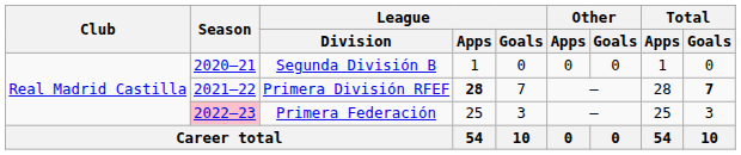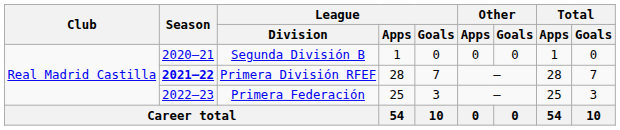 <table class="wikitable" style="text-align:center">
 <tr>
 <th rowspan="2">Club</th>
 <th rowspan="2">Season</th>
 <th colspan="3">League</th>
 <th colspan="2">Other</th>
 <th colspan="2">Total</th>
 </tr>
 <tr>
 <th>Division</th>
 <th>Apps</th>
 <th>Goals</th>
 <th>Apps</th>
 <th>Goals</th>
 <th>Apps</th>
 <th>Goals</th>
 </tr>
 <tr>
 <td rowspan="3"><a href='#'>Real Madrid Castilla</a></td>
 <td><a href='#'>2020–21</a></td>
 <td><a href='#'>Segunda División B</a></td>
 <td>1</td>
 <td>0</td>
 <td>0</td>
 <td>0</td>
 <td>1</td>
 <td>0</td>
 </tr>
 <tr>
-<td><a href='#'>2021–22</a></td>
+<td><strong><a href='#'>2021–22</a></strong></td>
 <td><a href='#'>Primera División RFEF</a></td>
-<td><strong>28</strong></td>
+<td>28</td>
 <td>7</td>
 <td colspan="2">—</td>
 <td>28</td>
-<td><strong>7</strong></td>
+<td>7</td>
 </tr>
 <tr>
-<td style="background: pink;"><a href='#'>2022–23</a></td>
+<td><a href='#'>2022–23</a></td>
 <td><a href='#'>Primera Federación</a></td>
 <td>25</td>
 <td>3</td>
 <td colspan="2">—</td>
 <td>25</td>
 <td>3</td>
 </tr>
 <tr>
 <th colspan="3">Career total</th>
 <th>54</th>
 <th>10</th>
 <th>0</th>
 <th>0</th>
 <th>54</th>
 <th>10</th>
 </tr>
 </table>
